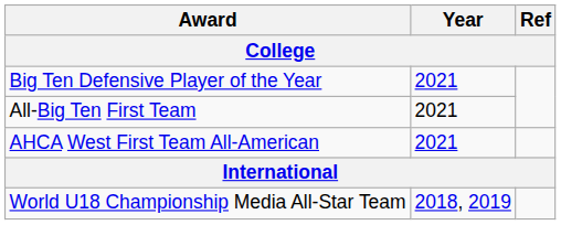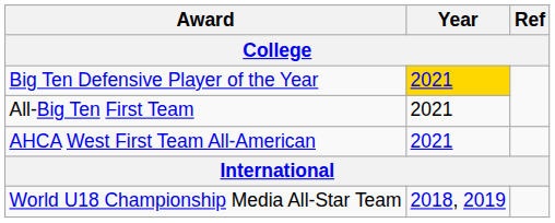 <table class="wikitable">
 <tr>
 <th>Award</th>
 <th>Year</th>
 <th>Ref</th>
 </tr>
 <tr>
 <th colspan="3"><a href='#'>College</a></th>
 </tr>
 <tr>
 <td><a href='#'>Big Ten Defensive Player of the Year</a></td>
-<td><a href='#'>2021</a></td>
+<td style="background: gold;"><a href='#'>2021</a></td>
 <td rowspan="2"></td>
 </tr>
 <tr>
 <td>All-<a href='#'>Big Ten</a> <a href='#'>First Team</a></td>
 <td>2021</td>
 </tr>
 <tr>
 <td><a href='#'>AHCA</a> <a href='#'>West First Team All-American</a></td>
 <td><a href='#'>2021</a></td>
 <td></td>
 </tr>
 <tr>
 <th colspan="3"><a href='#'>International</a></th>
 </tr>
 <tr>
 <td rowspan="2"><a href='#'>World U18 Championship</a> Media All-Star Team</td>
 <td><a href='#'>2018</a>, <a href='#'>2019</a></td>
 <td></td>
 </tr>
 </table>
